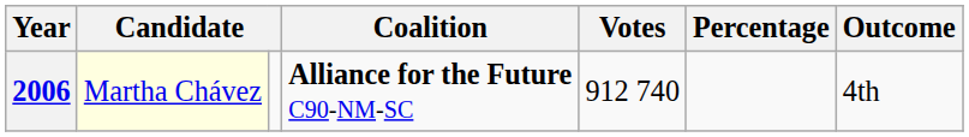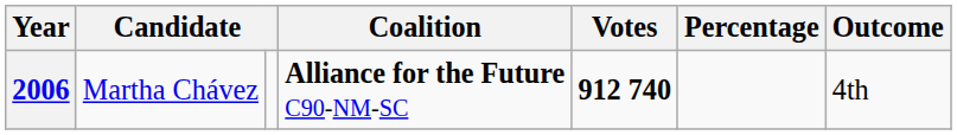 <table class="wikitable">
 <tr>
 <th>Year</th>
 <th colspan="2">Candidate</th>
 <th>Coalition</th>
 <th>Votes</th>
 <th>Percentage</th>
 <th>Outcome</th>
 </tr>
 <tr>
 <th><a href='#'>2006</a></th>
-<td style="background: lightyellow;"><a href='#'>Martha Chávez</a></td>
+<td><a href='#'>Martha Chávez</a></td>
 <td></td>
 <td><strong>Alliance for the Future</strong><br><small><a href='#'>C90</a>-<a href='#'>NM</a>-<a href='#'>SC</a></small></td>
-<td>912 740</td>
+<td><strong>912 740</strong></td>
 <td></td>
 <td>4th</td>
 </tr>
 </table>
